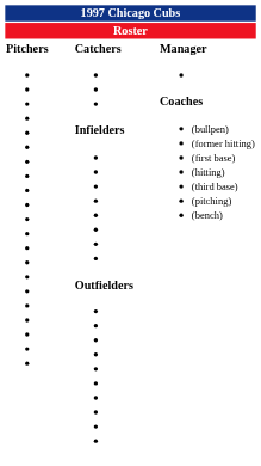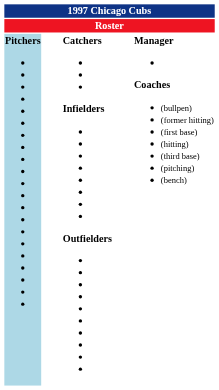 <table class="toccolours" style="font-size: 95%;">
 <tr>
 <th colspan="10" style="background-color: #0e3386; color: #FFFFFF; text-align: center;">1997 Chicago Cubs</th>
 </tr>
 <tr>
 <td colspan="10" style="background-color: #EE1422; color: #FFFFFF; text-align: center;"><strong>Roster</strong></td>
 </tr>
 <tr>
-<td valign="top"><strong>Pitchers</strong><br><ul><li></li><li></li><li></li><li></li><li></li><li></li><li></li><li></li><li></li><li></li><li></li><li></li><li></li><li></li><li></li><li></li><li></li><li></li><li></li><li></li><li></li></ul></td>
+<td valign="top" style="background: lightblue;"><strong>Pitchers</strong><br><ul><li></li><li></li><li></li><li></li><li></li><li></li><li></li><li></li><li></li><li></li><li></li><li></li><li></li><li></li><li></li><li></li><li></li><li></li><li></li><li></li><li></li></ul></td>
 <td width="25px"></td>
 <td valign="top"><strong>Catchers</strong><br><ul><li></li><li></li><li></li></ul><strong>Infielders</strong><ul><li></li><li></li><li></li><li></li><li></li><li></li><li></li><li></li></ul><strong>Outfielders</strong><ul><li></li><li></li><li></li><li></li><li></li><li></li><li></li><li></li><li></li><li></li></ul></td>
 <td width="25px"></td>
 <td valign="top"><strong>Manager</strong><br><ul><li></li></ul><strong>Coaches</strong><ul><li> <small>(bullpen)</small></li><li> <small>(former hitting)</small></li><li> <small>(first base)</small></li><li> <small>(hitting)</small></li><li> <small>(third base)</small></li><li> <small>(pitching)</small></li><li> <small>(bench)</small></li></ul></td>
 </tr>
 </table>
